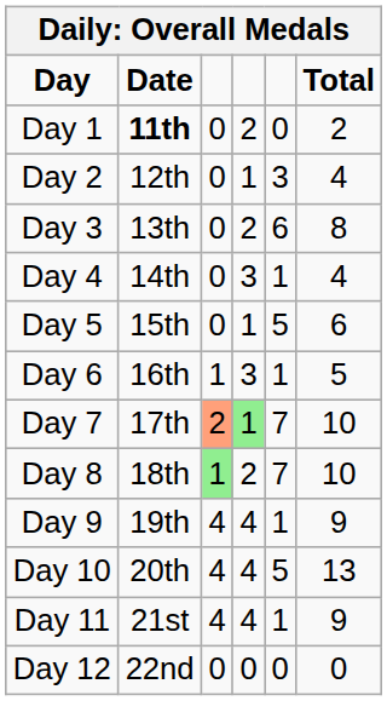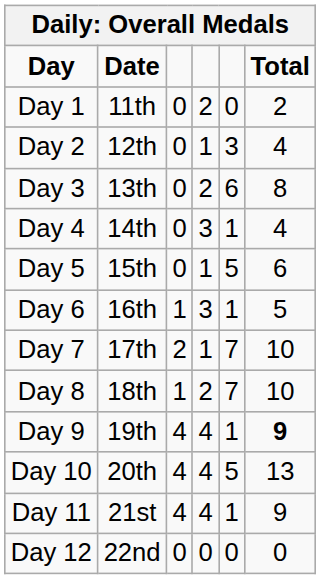 <table class="wikitable" style="font-size:100%" align="left">
 <tr bgcolor="#efefef">
 <th colspan=10><strong>Daily: Overall Medals</strong></th>
 </tr>
 <tr style="text-align:center;">
 <td><strong>Day</strong></td>
 <td><strong>Date</strong></td>
 <td></td>
 <td></td>
 <td></td>
 <td><strong>Total</strong></td>
 </tr>
 <tr style="text-align:center;">
 <td>Day 1</td>
-<td><strong>11th</strong></td>
+<td>11th</td>
 <td>0</td>
 <td>2</td>
 <td>0</td>
 <td>2</td>
 </tr>
 <tr style="text-align:center;">
 <td>Day 2</td>
 <td>12th</td>
 <td>0</td>
 <td>1</td>
 <td>3</td>
 <td>4</td>
 </tr>
 <tr style="text-align:center;">
 <td>Day 3</td>
 <td>13th</td>
 <td>0</td>
 <td>2</td>
 <td>6</td>
 <td>8</td>
 </tr>
 <tr style="text-align:center;">
 <td>Day 4</td>
 <td>14th</td>
 <td>0</td>
 <td>3</td>
 <td>1</td>
 <td>4</td>
 </tr>
 <tr style="text-align:center;">
 <td>Day 5</td>
 <td>15th</td>
 <td>0</td>
 <td>1</td>
 <td>5</td>
 <td>6</td>
 </tr>
 <tr style="text-align:center;">
 <td>Day 6</td>
 <td>16th</td>
 <td>1</td>
 <td>3</td>
 <td>1</td>
 <td>5</td>
 </tr>
 <tr style="text-align:center;">
 <td>Day 7</td>
 <td>17th</td>
-<td style="background: lightsalmon;">2</td>
-<td style="background: lightgreen;">1</td>
+<td>2</td>
+<td>1</td>
 <td>7</td>
 <td>10</td>
 </tr>
 <tr style="text-align:center;">
 <td>Day 8</td>
 <td>18th</td>
-<td style="background: lightgreen;">1</td>
+<td>1</td>
 <td>2</td>
 <td>7</td>
 <td>10</td>
 </tr>
 <tr style="text-align:center;">
 <td>Day 9</td>
 <td>19th</td>
 <td>4</td>
 <td>4</td>
 <td>1</td>
-<td>9</td>
+<td><strong>9</strong></td>
 </tr>
 <tr style="text-align:center;">
 <td>Day 10</td>
 <td>20th</td>
 <td>4</td>
 <td>4</td>
 <td>5</td>
 <td>13</td>
 </tr>
 <tr style="text-align:center;">
 <td>Day 11</td>
 <td>21st</td>
 <td>4</td>
 <td>4</td>
 <td>1</td>
 <td>9</td>
 </tr>
 <tr style="text-align:center;">
 <td>Day 12</td>
 <td>22nd</td>
 <td>0</td>
 <td>0</td>
 <td>0</td>
 <td>0</td>
 </tr>
 </table>
